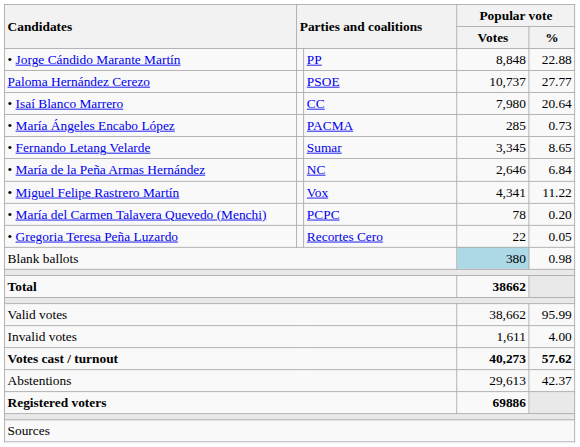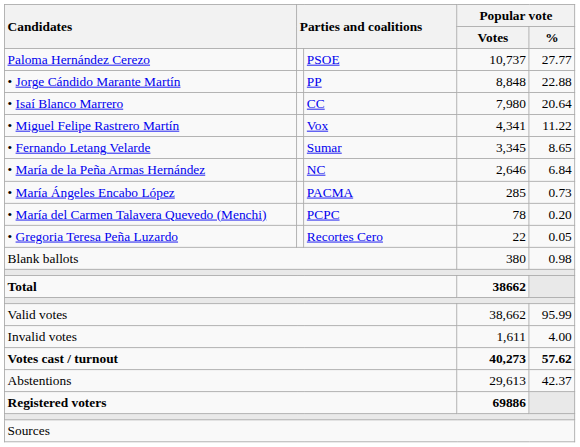 <table class="wikitable" style="text-align:right; font-size:95%;">
 <tr>
 <th style="text-align:left;" rowspan="2" width="325">Candidates</th>
 <th style="text-align:left;" rowspan="2" colspan="2" width="175">Parties and coalitions</th>
 <th colspan="2">Popular vote</th>
 </tr>
 <tr>
 <th width="75">Votes</th>
 <th width="45">%</th>
 </tr>
 <tr>
+<td align="left"> <a href='#'>Paloma Hernández Cerezo</a></td>
+<td width="1" style="color:inherit;background:"></td>
+<td align="left"><a href='#'>PSOE</a></td>
+<td>10,737</td>
+<td>27.77</td>
+</tr>
+<tr>
 <td align="left">• <a href='#'>Jorge Cándido Marante Martín</a></td>
 <td width="1" style="color:inherit;background:"></td>
 <td align="left"><a href='#'>PP</a></td>
 <td>8,848</td>
 <td>22.88</td>
-</tr>
-<tr>
-<td align="left"> <a href='#'>Paloma Hernández Cerezo</a></td>
-<td width="1" style="color:inherit;background:"></td>
-<td align="left"><a href='#'>PSOE</a></td>
-<td>10,737</td>
-<td>27.77</td>
 </tr>
 <tr>
 <td align="left">• <a href='#'>Isaí Blanco Marrero</a></td>
 <td width="1" style="color:inherit;background:"></td>
 <td align="left"><a href='#'>CC</a></td>
 <td>7,980</td>
 <td>20.64</td>
 </tr>
 <tr>
-<td align="left">• <a href='#'>María Ángeles Encabo López</a></td>
+<td align="left">• <a href='#'>Miguel Felipe Rastrero Martín</a></td>
 <td width="1" style="color:inherit;background:"></td>
-<td align="left"><a href='#'>PACMA</a></td>
-<td>285</td>
-<td>0.73</td>
+<td align="left"><a href='#'>Vox</a></td>
+<td>4,341</td>
+<td>11.22</td>
 </tr>
 <tr>
 <td align="left">• <a href='#'>Fernando Letang Velarde</a></td>
 <td width="1" style="color:inherit;background:"></td>
 <td align="left"><a href='#'>Sumar</a></td>
 <td>3,345</td>
 <td>8.65</td>
 </tr>
 <tr>
 <td align="left">• <a href='#'>María de la Peña Armas Hernández</a></td>
 <td width="1" style="color:inherit;background:"></td>
 <td align="left"><a href='#'>NC</a></td>
 <td>2,646</td>
 <td>6.84</td>
 </tr>
 <tr>
-<td align="left">• <a href='#'>Miguel Felipe Rastrero Martín</a></td>
+<td align="left">• <a href='#'>María Ángeles Encabo López</a></td>
 <td width="1" style="color:inherit;background:"></td>
-<td align="left"><a href='#'>Vox</a></td>
-<td>4,341</td>
-<td>11.22</td>
+<td align="left"><a href='#'>PACMA</a></td>
+<td>285</td>
+<td>0.73</td>
 </tr>
 <tr>
 <td align="left">• <a href='#'>María del Carmen Talavera Quevedo (Menchi)</a></td>
 <td width="1" style="color:inherit;background:"></td>
 <td align="left"><a href='#'>PCPC</a></td>
 <td>78</td>
 <td>0.20</td>
 </tr>
 <tr>
 <td align="left">• <a href='#'>Gregoria Teresa Peña Luzardo</a></td>
 <td width="1" style="color:inherit;background:"></td>
 <td align="left"><a href='#'>Recortes Cero</a></td>
 <td>22</td>
 <td>0.05</td>
 </tr>
 <tr>
 <td align="left" colspan="3">Blank ballots</td>
-<td style="background: lightblue;">380</td>
+<td>380</td>
 <td>0.98</td>
 </tr>
 <tr>
 <td colspan="5" bgcolor="#E9E9E9"></td>
 </tr>
 <tr style="font-weight:bold;">
 <td align="left" colspan="3">Total</td>
 <td>38662</td>
 <td bgcolor="#E9E9E9"></td>
 </tr>
 <tr>
 <td colspan="5" bgcolor="#E9E9E9"></td>
 </tr>
 <tr>
 <td align="left" colspan="3">Valid votes</td>
 <td>38,662</td>
 <td>95.99</td>
 </tr>
 <tr>
 <td align="left" colspan="3">Invalid votes</td>
 <td>1,611</td>
 <td>4.00</td>
 </tr>
 <tr style="font-weight:bold;">
 <td align="left" colspan="3">Votes cast / turnout</td>
 <td>40,273</td>
 <td>57.62</td>
 </tr>
 <tr>
 <td align="left" colspan="3">Abstentions</td>
 <td>29,613</td>
 <td>42.37</td>
 </tr>
 <tr style="font-weight:bold;">
 <td align="left" colspan="3">Registered voters</td>
 <td>69886</td>
 <td bgcolor="#E9E9E9"></td>
 </tr>
 <tr>
 <td colspan="5" bgcolor="#E9E9E9"></td>
 </tr>
 <tr>
 <td align="left" colspan="5">Sources</td>
 </tr>
 </table>
